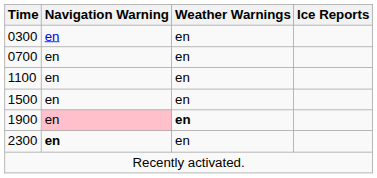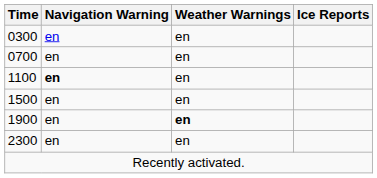 <table class="wikitable collapsible collapsed" style="border:#bbb; margin:.46em 0 0 .2em; margin:auto; margin:auto">
 <tr>
 <th>Time</th>
 <th>Navigation Warning</th>
 <th>Weather Warnings</th>
 <th>Ice Reports</th>
 </tr>
 <tr>
 <td>0300</td>
 <td><a href='#'>en</a></td>
 <td>en</td>
 <td></td>
 </tr>
 <tr>
 <td>0700</td>
 <td>en</td>
 <td>en</td>
 <td></td>
 </tr>
 <tr>
 <td>1100</td>
-<td>en</td>
+<td><strong>en</strong></td>
 <td>en</td>
 <td></td>
 </tr>
 <tr>
 <td>1500</td>
 <td>en</td>
 <td>en</td>
 <td></td>
 </tr>
 <tr>
 <td>1900</td>
-<td style="background: pink;">en</td>
+<td>en</td>
 <td><strong>en</strong></td>
 <td></td>
 </tr>
 <tr>
 <td>2300</td>
-<td><strong>en</strong></td>
+<td>en</td>
 <td>en</td>
 <td></td>
 </tr>
 <tr>
 <td colspan="4" style="text-align: center;">Recently activated.</td>
 </tr>
 </table>
